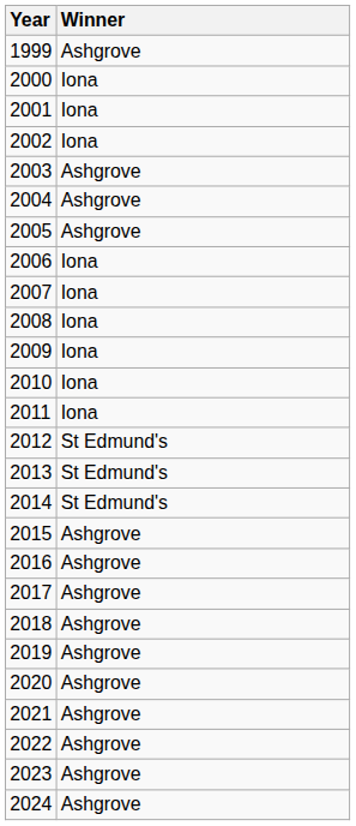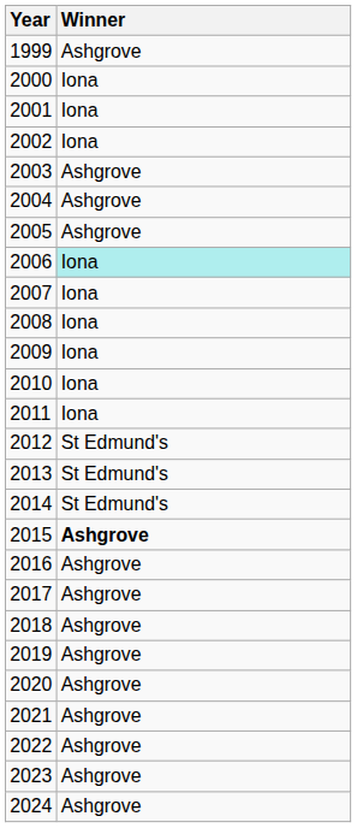 <table class="wikitable">
 <tr>
 <th min-width= 42 style="text-align:left;">Year</th>
 <th width=240 style="text-align:left;">Winner</th>
 </tr>
 <tr>
 <td>1999</td>
 <td>Ashgrove</td>
 </tr>
 <tr>
 <td>2000</td>
 <td>Iona</td>
 </tr>
 <tr>
 <td>2001</td>
 <td>Iona</td>
 </tr>
 <tr>
 <td>2002</td>
 <td>Iona</td>
 </tr>
 <tr>
 <td>2003</td>
 <td>Ashgrove</td>
 </tr>
 <tr>
 <td>2004</td>
 <td>Ashgrove</td>
 </tr>
 <tr>
 <td>2005</td>
 <td>Ashgrove</td>
 </tr>
 <tr>
 <td>2006</td>
-<td>Iona</td>
+<td style="background: paleturquoise;">Iona</td>
 </tr>
 <tr>
 <td>2007</td>
 <td>Iona</td>
 </tr>
 <tr>
 <td>2008</td>
 <td>Iona</td>
 </tr>
 <tr>
 <td>2009</td>
 <td>Iona</td>
 </tr>
 <tr>
 <td>2010</td>
 <td>Iona</td>
 </tr>
 <tr>
 <td>2011</td>
 <td>Iona</td>
 </tr>
 <tr>
 <td>2012</td>
 <td>St Edmund's</td>
 </tr>
 <tr>
 <td>2013</td>
 <td>St Edmund's</td>
 </tr>
 <tr>
 <td>2014</td>
 <td>St Edmund's</td>
 </tr>
 <tr>
 <td>2015</td>
-<td>Ashgrove</td>
+<td><strong>Ashgrove</strong></td>
 </tr>
 <tr>
 <td>2016</td>
 <td>Ashgrove</td>
 </tr>
 <tr>
 <td>2017</td>
 <td>Ashgrove</td>
 </tr>
 <tr>
 <td>2018</td>
 <td>Ashgrove</td>
 </tr>
 <tr>
 <td>2019</td>
 <td>Ashgrove</td>
 </tr>
 <tr>
 <td>2020</td>
 <td>Ashgrove</td>
 </tr>
 <tr>
 <td>2021</td>
 <td>Ashgrove</td>
 </tr>
 <tr>
 <td>2022</td>
 <td>Ashgrove</td>
 </tr>
 <tr>
 <td>2023</td>
 <td>Ashgrove</td>
 </tr>
 <tr>
 <td>2024</td>
 <td>Ashgrove</td>
 </tr>
 </table>
